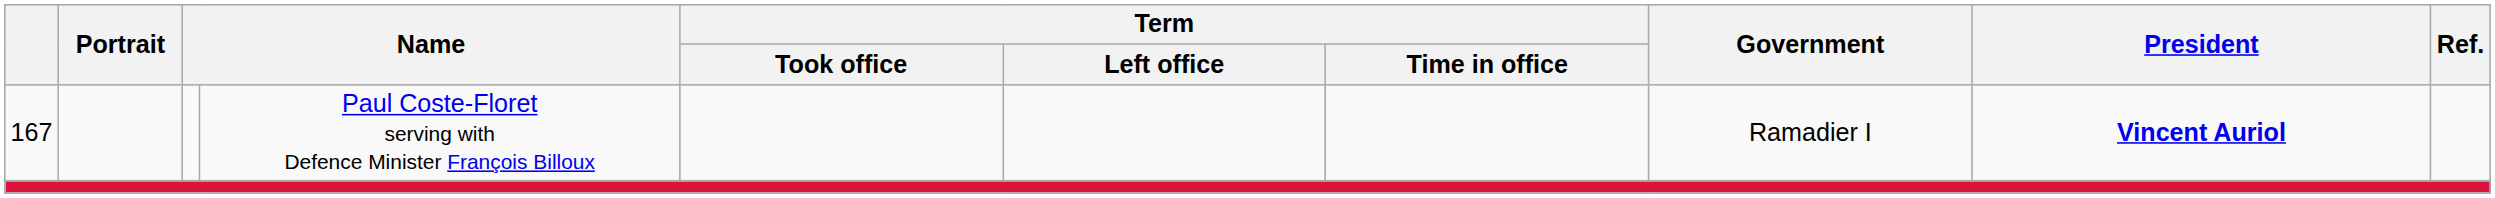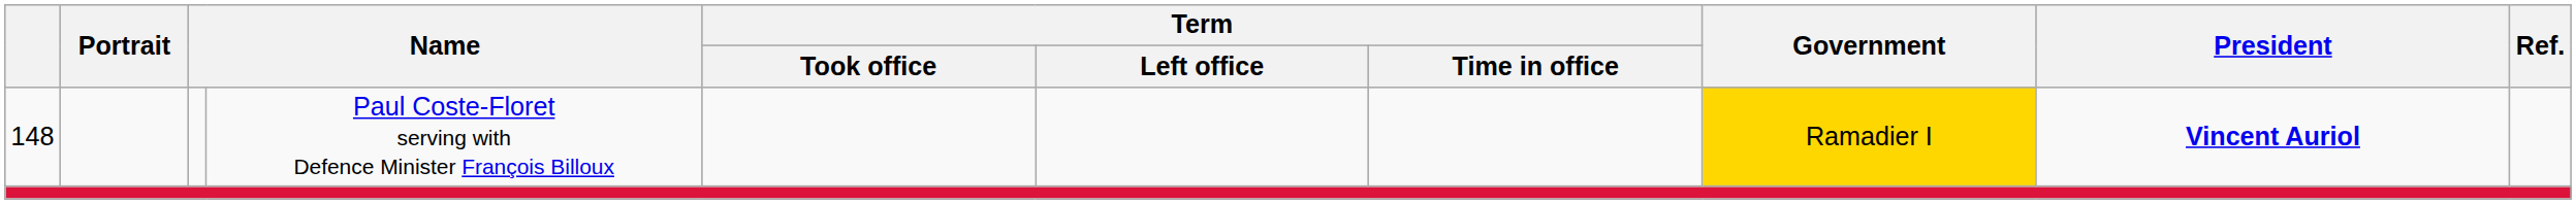 <table class="wikitable" style="text-align:center; width:100%">
 <tr>
 <th style="width:2%" rowspan=2></th>
 <th style="width:5%" rowspan=2>Portrait</th>
 <th style="width:20%" rowspan=2, colspan=2>Name</th>
 <th colspan=3>Term</th>
 <th style="width:13%" rowspan=2>Government</th>
 <th rowspan=2><a href='#'>President</a></th>
 <th style="width:2%" rowspan=2>Ref.</th>
 </tr>
 <tr>
 <th style="width:13%">Took office</th>
 <th style="width:13%">Left office</th>
 <th style="width:13%">Time in office</th>
 </tr>
 <tr>
-<td>167</td>
+<td>148</td>
 <td></td>
 <td style="background:"></td>
 <td><a href='#'>Paul Coste-Floret</a><br><small>serving with<br>Defence Minister <a href='#'>François Billoux</a></small></td>
 <td></td>
 <td></td>
 <td></td>
-<td>Ramadier I</td>
+<td style="background: gold;">Ramadier I</td>
 <td><strong><a href='#'>Vincent Auriol</a></strong></td>
 <td></td>
 </tr>
 <tr bgcolor="crimson">
 <td colspan=10></td>
 </tr>
 </table>
